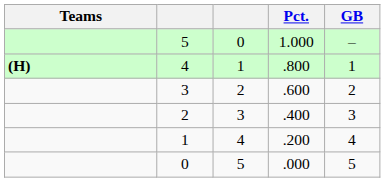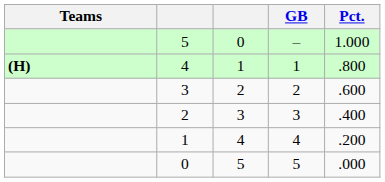 <table class="wikitable" style="text-align:center;">
 <tr>
 <th width=150px>Teams</th>
 <th width=50px></th>
 <th width=50px></th>
+<th width=50px><a href='#'>GB</a></th>
 <th width=50px><a href='#'>Pct.</a></th>
-<th width=50px><a href='#'>GB</a></th>
 </tr>
 <tr style="background-color:#cfc">
 <td align=left></td>
 <td>5</td>
 <td>0</td>
+<td>–</td>
 <td>1.000</td>
-<td>–</td>
 </tr>
 <tr style="background-color:#cfc">
 <td align=left> <strong>(H)</strong></td>
 <td>4</td>
 <td>1</td>
+<td>1</td>
 <td>.800</td>
-<td>1</td>
 </tr>
 <tr>
 <td align=left></td>
 <td>3</td>
 <td>2</td>
+<td>2</td>
 <td>.600</td>
-<td>2</td>
 </tr>
 <tr>
 <td align=left></td>
 <td>2</td>
 <td>3</td>
+<td>3</td>
 <td>.400</td>
-<td>3</td>
 </tr>
 <tr>
 <td align=left></td>
 <td>1</td>
 <td>4</td>
+<td>4</td>
 <td>.200</td>
-<td>4</td>
 </tr>
 <tr>
 <td align=left></td>
 <td>0</td>
 <td>5</td>
+<td>5</td>
 <td>.000</td>
-<td>5</td>
 </tr>
 </table>
